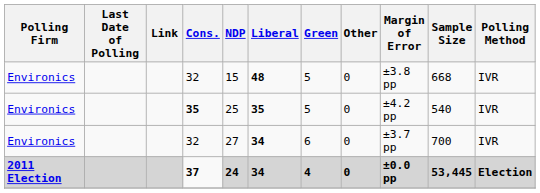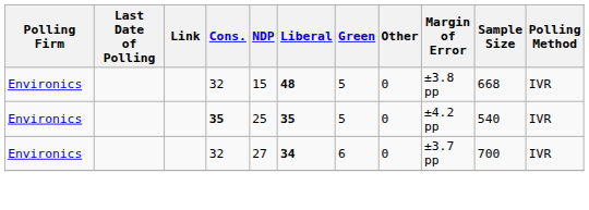 <table class="wikitable sortable">
 <tr style="background:#e9e9e9;">
 <th style="width:120px">Polling Firm</th>
 <th style="width:110px">Last Date<br>of Polling</th>
 <th style="width:60px" class="unsortable">Link</th>
 <th style="background-color:"><strong><a href='#'>Cons.</a></strong></th>
 <th style="background-color:"><strong><a href='#'>NDP</a></strong></th>
 <th style="background-color:"><strong><a href='#'>Liberal</a></strong></th>
 <th style="background-color:"><strong><a href='#'>Green</a></strong></th>
 <th style="background-color:"><strong>Other</strong></th>
 <th style="width:60px;" class=unsortable>Margin<br>of Error</th>
 <th style="width:50px;" class=unsortable>Sample<br>Size</th>
 <th class=unsortable>Polling Method</th>
 </tr>
 <tr>
 <td><a href='#'>Environics</a></td>
 <td></td>
 <td></td>
 <td>32</td>
 <td>15</td>
 <td><strong>48</strong></td>
 <td>5</td>
 <td>0</td>
 <td>±3.8 pp</td>
 <td>668</td>
 <td>IVR</td>
 </tr>
 <tr>
 <td><a href='#'>Environics</a></td>
 <td></td>
 <td></td>
 <td><strong>35</strong></td>
 <td>25</td>
 <td><strong>35</strong></td>
 <td>5</td>
 <td>0</td>
 <td>±4.2 pp</td>
 <td>540</td>
 <td>IVR</td>
 </tr>
 <tr>
 <td><a href='#'>Environics</a></td>
 <td></td>
 <td></td>
 <td>32</td>
 <td>27</td>
 <td><strong>34</strong></td>
 <td>6</td>
 <td>0</td>
 <td>±3.7 pp</td>
 <td>700</td>
 <td>IVR</td>
 </tr>
 <tr>
-<td style="background:#D5D5D5"><strong><a href='#'>2011 Election</a></strong></td>
-<td style="background:#D5D5D5"><strong></strong></td>
-<td style="background:#D5D5D5"></td>
-<td><strong>37</strong></td>
-<td style="background:#D5D5D5"><strong>24</strong></td>
-<td style="background:#D5D5D5"><strong>34</strong></td>
-<td style="background:#D5D5D5"><strong>4</strong></td>
-<td style="background:#D5D5D5"><strong>0</strong></td>
-<td style="background:#D5D5D5"><strong>±0.0 pp</strong></td>
-<td style="background:#D5D5D5"><strong>53,445</strong></td>
-<td style="background:#D5D5D5"><strong>Election</strong></td>
-</tr>
-<tr>
 </tr>
 <tr>
 </tr>
 </table>
